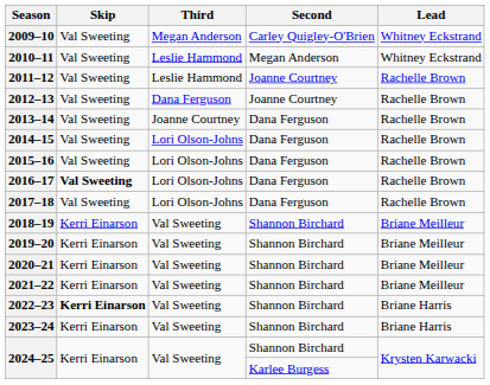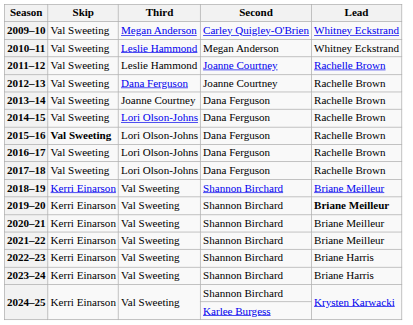 <table class="wikitable">
 <tr>
 <th scope="col">Season</th>
 <th scope="col">Skip</th>
 <th scope="col">Third</th>
 <th scope="col">Second</th>
 <th scope="col">Lead</th>
 </tr>
 <tr>
 <th scope="row">2009–10</th>
 <td>Val Sweeting</td>
 <td><a href='#'>Megan Anderson</a></td>
 <td><a href='#'>Carley Quigley-O'Brien</a></td>
 <td><a href='#'>Whitney Eckstrand</a></td>
 </tr>
 <tr>
 <th scope="row">2010–11</th>
 <td>Val Sweeting</td>
 <td><a href='#'>Leslie Hammond</a></td>
 <td>Megan Anderson</td>
 <td>Whitney Eckstrand</td>
 </tr>
 <tr>
 <th scope="row">2011–12</th>
 <td>Val Sweeting</td>
 <td>Leslie Hammond</td>
 <td><a href='#'>Joanne Courtney</a></td>
 <td><a href='#'>Rachelle Brown</a></td>
 </tr>
 <tr>
 <th scope="row">2012–13</th>
 <td>Val Sweeting</td>
 <td><a href='#'>Dana Ferguson</a></td>
 <td>Joanne Courtney</td>
 <td>Rachelle Brown</td>
 </tr>
 <tr>
 <th scope="row">2013–14</th>
 <td>Val Sweeting</td>
 <td>Joanne Courtney</td>
 <td>Dana Ferguson</td>
 <td>Rachelle Brown</td>
 </tr>
 <tr>
 <th scope="row">2014–15</th>
 <td>Val Sweeting</td>
 <td><a href='#'>Lori Olson-Johns</a></td>
 <td>Dana Ferguson</td>
 <td>Rachelle Brown</td>
 </tr>
 <tr>
 <th scope="row">2015–16</th>
-<td>Val Sweeting</td>
+<td><strong>Val Sweeting</strong></td>
 <td>Lori Olson-Johns</td>
 <td>Dana Ferguson</td>
 <td>Rachelle Brown</td>
 </tr>
 <tr>
 <th scope="row">2016–17</th>
-<td><strong>Val Sweeting</strong></td>
+<td>Val Sweeting</td>
 <td>Lori Olson-Johns</td>
 <td>Dana Ferguson</td>
 <td>Rachelle Brown</td>
 </tr>
 <tr>
 <th scope="row">2017–18</th>
 <td>Val Sweeting</td>
 <td>Lori Olson-Johns</td>
 <td>Dana Ferguson</td>
 <td>Rachelle Brown</td>
 </tr>
 <tr>
 <th scope="row">2018–19</th>
 <td><a href='#'>Kerri Einarson</a></td>
 <td>Val Sweeting</td>
 <td><a href='#'>Shannon Birchard</a></td>
 <td><a href='#'>Briane Meilleur</a></td>
 </tr>
 <tr>
 <th scope="row">2019–20</th>
 <td>Kerri Einarson</td>
 <td>Val Sweeting</td>
 <td>Shannon Birchard</td>
-<td>Briane Meilleur</td>
+<td><strong>Briane Meilleur</strong></td>
 </tr>
 <tr>
 <th scope="row">2020–21</th>
 <td>Kerri Einarson</td>
 <td>Val Sweeting</td>
 <td>Shannon Birchard</td>
 <td>Briane Meilleur</td>
 </tr>
 <tr>
 <th scope="row">2021–22</th>
 <td>Kerri Einarson</td>
 <td>Val Sweeting</td>
 <td>Shannon Birchard</td>
 <td>Briane Meilleur</td>
 </tr>
 <tr>
 <th scope="row">2022–23</th>
-<td><strong>Kerri Einarson</strong></td>
+<td>Kerri Einarson</td>
 <td>Val Sweeting</td>
 <td>Shannon Birchard</td>
 <td>Briane Harris</td>
 </tr>
 <tr>
 <th scope="row">2023–24</th>
 <td>Kerri Einarson</td>
 <td>Val Sweeting</td>
 <td>Shannon Birchard</td>
 <td>Briane Harris</td>
 </tr>
 <tr>
 <th scope="row" rowspan=2>2024–25</th>
 <td rowspan=2>Kerri Einarson</td>
 <td rowspan=2>Val Sweeting</td>
 <td>Shannon Birchard</td>
 <td rowspan=2><a href='#'>Krysten Karwacki</a></td>
 </tr>
 <tr>
 <td><a href='#'>Karlee Burgess</a></td>
 </tr>
 </table>
